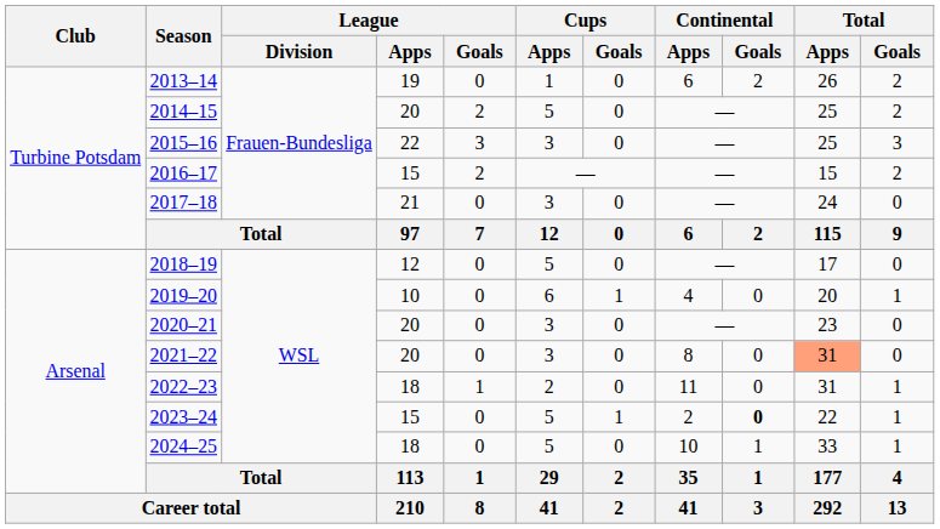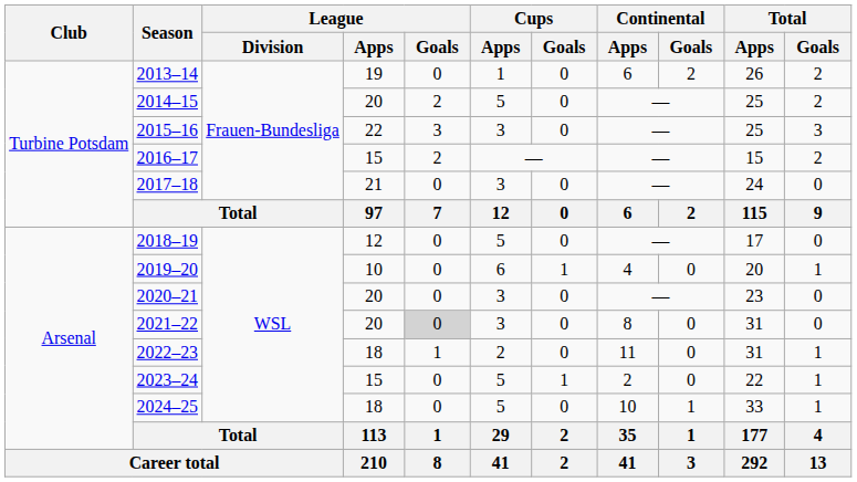 <table class="wikitable" style="text-align:center">
 <tr>
 <th rowspan="2">Club</th>
 <th rowspan="2">Season</th>
 <th colspan="3">League</th>
 <th colspan="2">Cups</th>
 <th colspan="2">Continental</th>
 <th colspan="2">Total</th>
 </tr>
 <tr>
 <th>Division</th>
 <th>Apps</th>
 <th>Goals</th>
 <th>Apps</th>
 <th>Goals</th>
 <th>Apps</th>
 <th>Goals</th>
 <th>Apps</th>
 <th>Goals</th>
 </tr>
 <tr>
 <td rowspan="6"><a href='#'>Turbine Potsdam</a></td>
 <td><a href='#'>2013–14</a></td>
 <td rowspan="5"><a href='#'>Frauen-Bundesliga</a></td>
 <td>19</td>
 <td>0</td>
 <td>1</td>
 <td>0</td>
 <td>6</td>
 <td>2</td>
 <td>26</td>
 <td>2</td>
 </tr>
 <tr>
 <td><a href='#'>2014–15</a></td>
 <td>20</td>
 <td>2</td>
 <td>5</td>
 <td>0</td>
 <td colspan="2">—</td>
 <td>25</td>
 <td>2</td>
 </tr>
 <tr>
 <td><a href='#'>2015–16</a></td>
 <td>22</td>
 <td>3</td>
 <td>3</td>
 <td>0</td>
 <td colspan="2">—</td>
 <td>25</td>
 <td>3</td>
 </tr>
 <tr>
 <td><a href='#'>2016–17</a></td>
 <td>15</td>
 <td>2</td>
 <td colspan="2">—</td>
 <td colspan="2">—</td>
 <td>15</td>
 <td>2</td>
 </tr>
 <tr>
 <td><a href='#'>2017–18</a></td>
 <td>21</td>
 <td>0</td>
 <td>3</td>
 <td>0</td>
 <td colspan="2">—</td>
 <td>24</td>
 <td>0</td>
 </tr>
 <tr>
 <th colspan="2">Total</th>
 <th>97</th>
 <th>7</th>
 <th>12</th>
 <th>0</th>
 <th>6</th>
 <th>2</th>
 <th>115</th>
 <th>9</th>
 </tr>
 <tr>
 <td rowspan="8"><a href='#'>Arsenal</a></td>
 <td><a href='#'>2018–19</a></td>
 <td rowspan="7"><a href='#'>WSL</a></td>
 <td>12</td>
 <td>0</td>
 <td>5</td>
 <td>0</td>
 <td colspan="2">—</td>
 <td>17</td>
 <td>0</td>
 </tr>
 <tr>
 <td><a href='#'>2019–20</a></td>
 <td>10</td>
 <td>0</td>
 <td>6</td>
 <td>1</td>
 <td>4</td>
 <td>0</td>
 <td>20</td>
 <td>1</td>
 </tr>
 <tr>
 <td><a href='#'>2020–21</a></td>
 <td>20</td>
 <td>0</td>
 <td>3</td>
 <td>0</td>
 <td colspan="2">—</td>
 <td>23</td>
 <td>0</td>
 </tr>
 <tr>
 <td><a href='#'>2021–22</a></td>
 <td>20</td>
-<td>0</td>
+<td style="background: lightgrey;">0</td>
 <td>3</td>
 <td>0</td>
 <td>8</td>
 <td>0</td>
-<td style="background: lightsalmon;">31</td>
+<td>31</td>
 <td>0</td>
 </tr>
 <tr>
 <td><a href='#'>2022–23</a></td>
 <td>18</td>
 <td>1</td>
 <td>2</td>
 <td>0</td>
 <td>11</td>
 <td>0</td>
 <td>31</td>
 <td>1</td>
 </tr>
 <tr>
 <td><a href='#'>2023–24</a></td>
 <td>15</td>
 <td>0</td>
 <td>5</td>
 <td>1</td>
 <td>2</td>
-<td><strong>0</strong></td>
+<td>0</td>
 <td>22</td>
 <td>1</td>
 </tr>
 <tr>
 <td><a href='#'>2024–25</a></td>
 <td>18</td>
 <td>0</td>
 <td>5</td>
 <td>0</td>
 <td>10</td>
 <td>1</td>
 <td>33</td>
 <td>1</td>
 </tr>
 <tr>
 <th colspan="2">Total</th>
 <th>113</th>
 <th>1</th>
 <th>29</th>
 <th>2</th>
 <th>35</th>
 <th>1</th>
 <th>177</th>
 <th>4</th>
 </tr>
 <tr>
 <th colspan="3" width="40%">Career total</th>
 <th>210</th>
 <th>8</th>
 <th>41</th>
 <th>2</th>
 <th>41</th>
 <th>3</th>
 <th>292</th>
 <th>13</th>
 </tr>
 </table>
